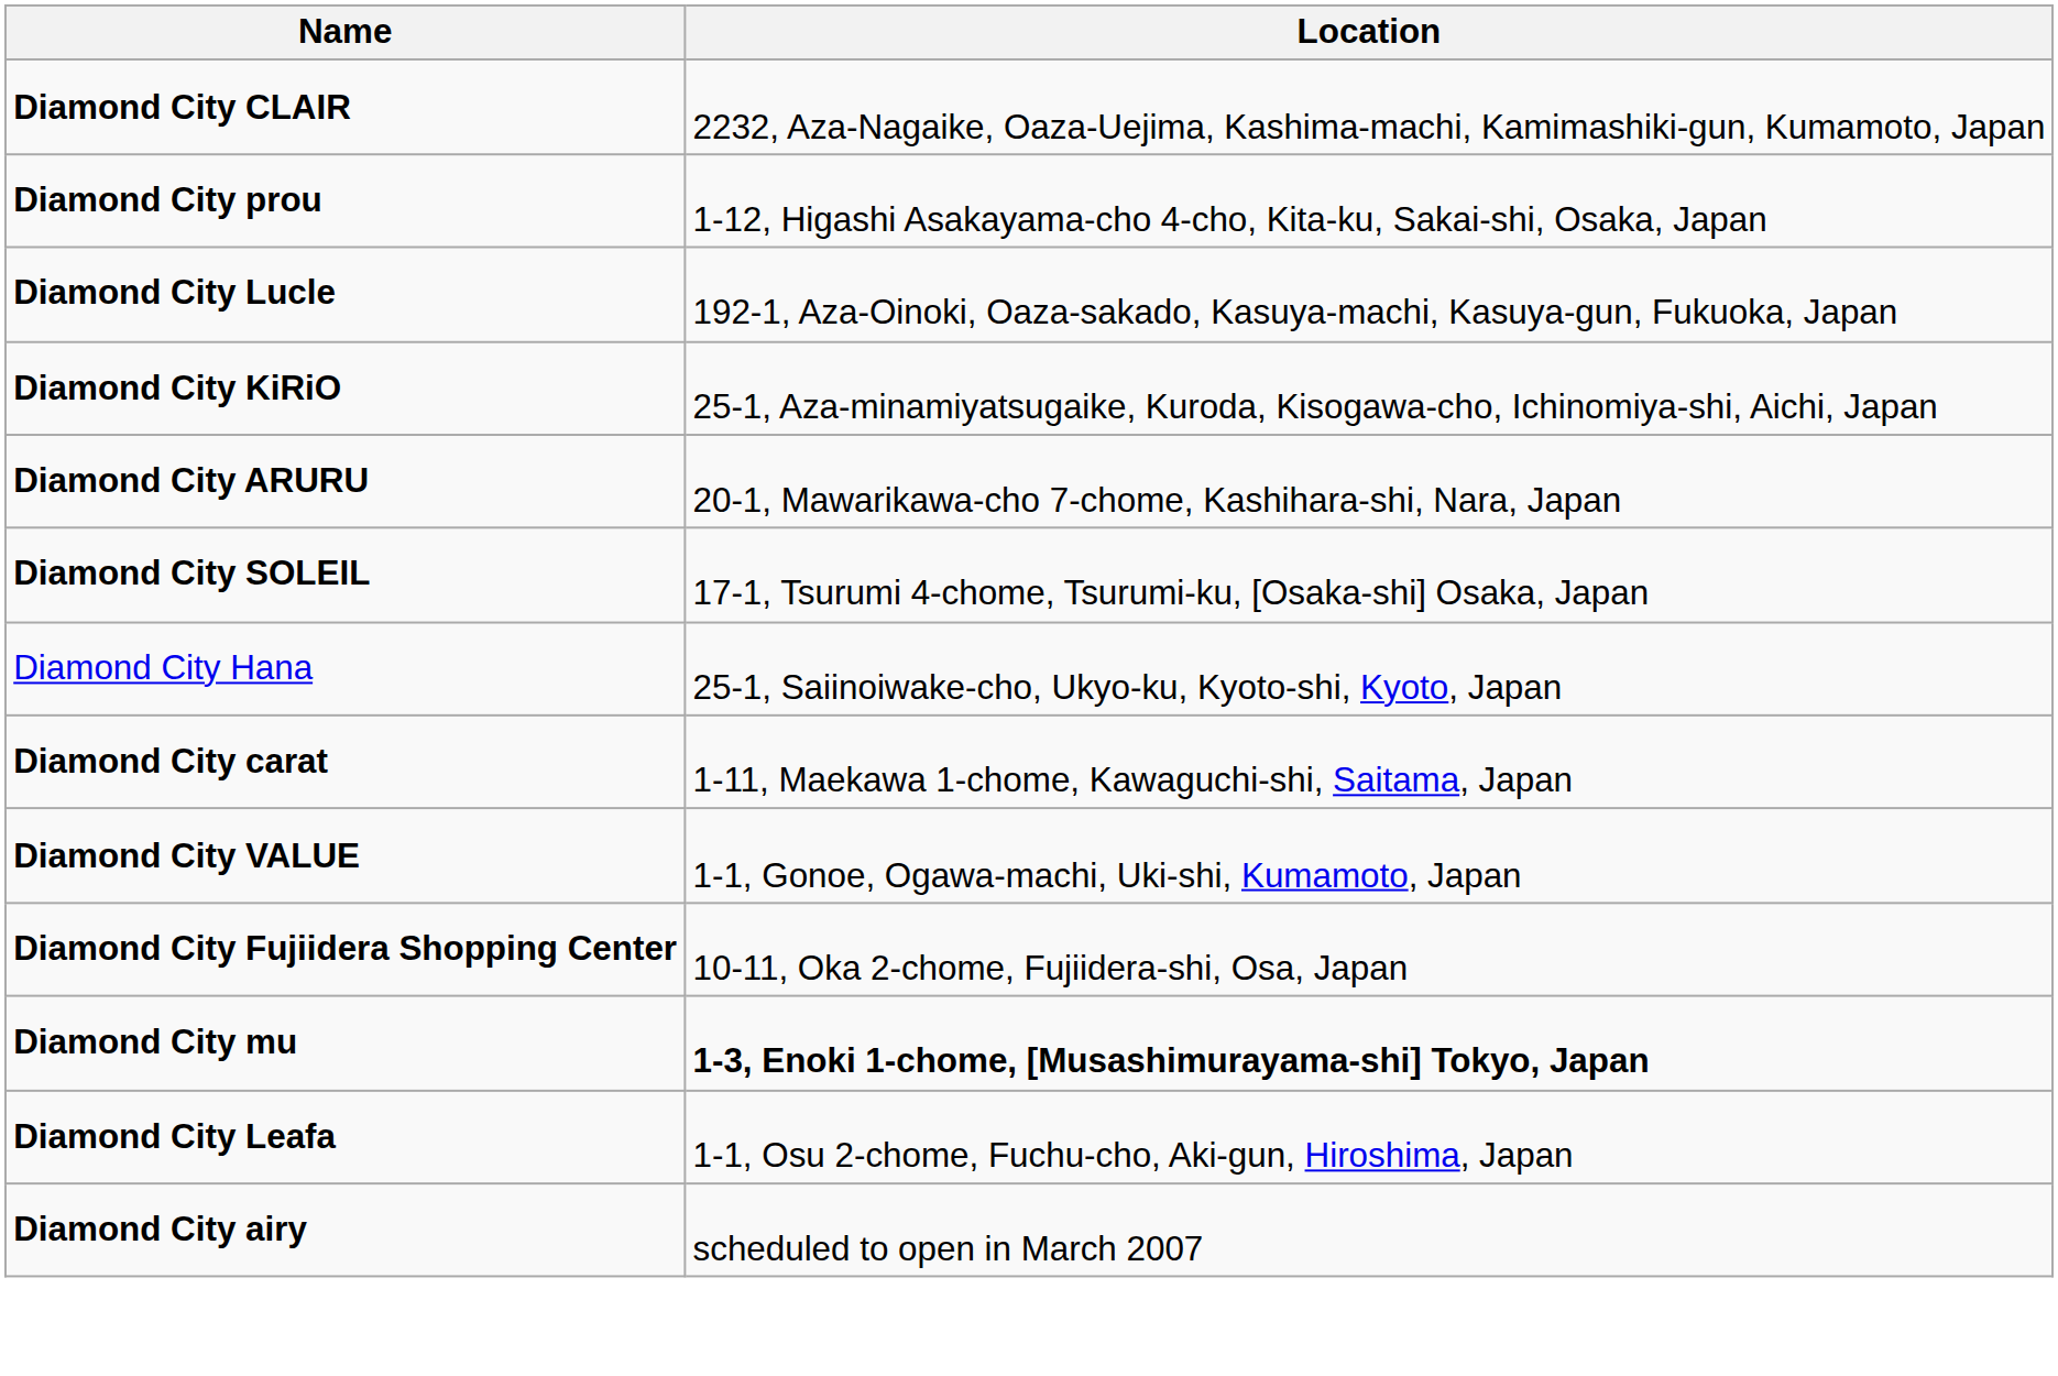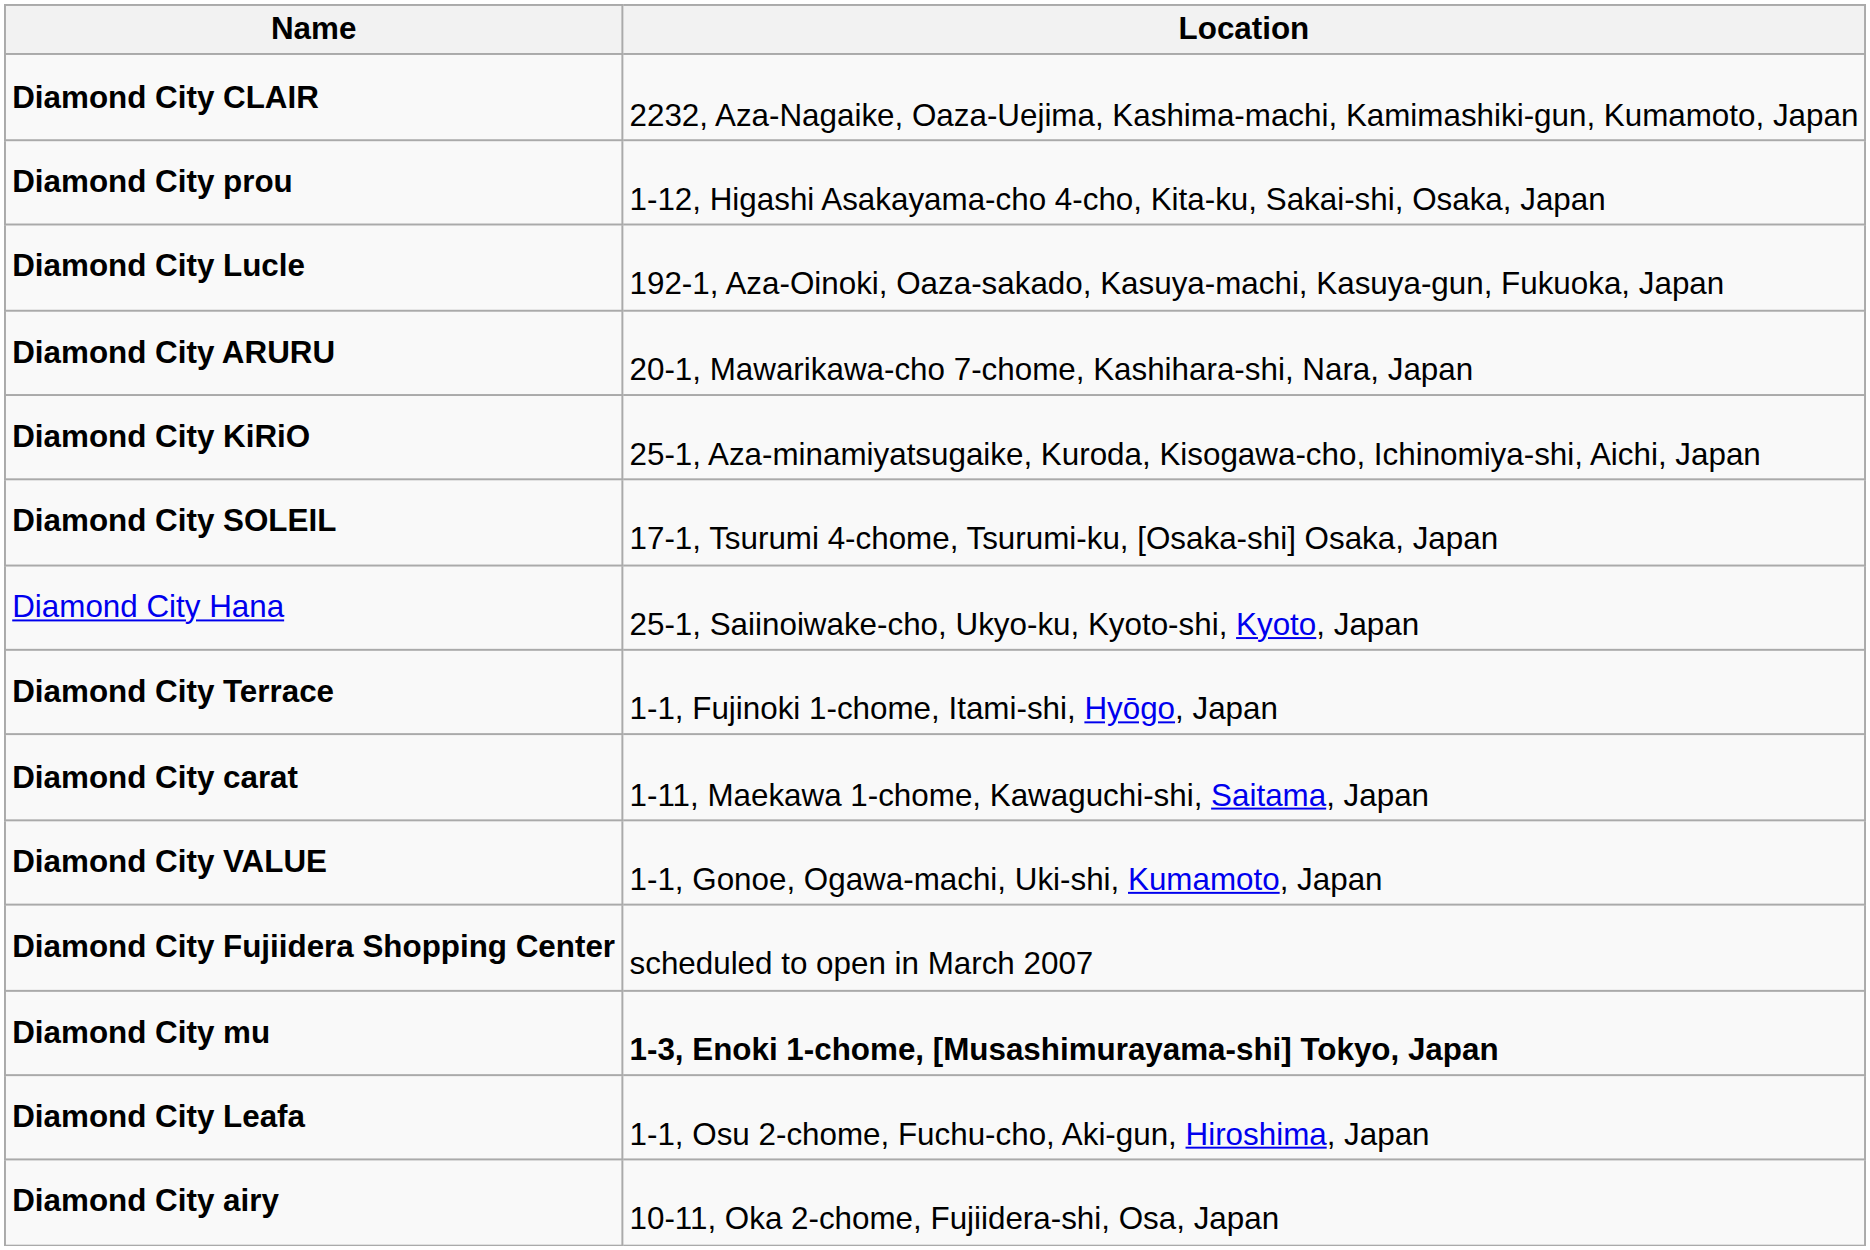 <table class="wikitable">
 <tr>
 <th>Name</th>
 <th>Location</th>
 </tr>
 <tr>
 <td><strong>Diamond City CLAIR</strong></td>
 <td><br>2232, Aza-Nagaike, Oaza-Uejima, Kashima-machi, Kamimashiki-gun, Kumamoto, Japan</td>
 </tr>
 <tr>
 <td><strong>Diamond City prou</strong></td>
 <td><br>1-12, Higashi Asakayama-cho 4-cho, Kita-ku, Sakai-shi, Osaka, Japan</td>
 </tr>
 <tr>
 <td><strong>Diamond City Lucle</strong></td>
 <td><br>192-1, Aza-Oinoki, Oaza-sakado, Kasuya-machi, Kasuya-gun, Fukuoka, Japan</td>
 </tr>
 <tr>
+<td><strong>Diamond City ARURU</strong></td>
+<td><br>20-1, Mawarikawa-cho 7-chome, Kashihara-shi, Nara, Japan</td>
+</tr>
+<tr>
 <td><strong>Diamond City KiRiO</strong></td>
 <td><br>25-1, Aza-minamiyatsugaike, Kuroda, Kisogawa-cho, Ichinomiya-shi, Aichi, Japan</td>
-</tr>
-<tr>
-<td><strong>Diamond City ARURU</strong></td>
-<td><br>20-1, Mawarikawa-cho 7-chome, Kashihara-shi, Nara, Japan</td>
 </tr>
 <tr>
 <td><strong>Diamond City SOLEIL</strong></td>
 <td><br>17-1, Tsurumi 4-chome, Tsurumi-ku, [Osaka-shi] Osaka, Japan</td>
 </tr>
 <tr>
 <td><a href='#'>Diamond City Hana</a></td>
 <td><br>25-1, Saiinoiwake-cho, Ukyo-ku, Kyoto-shi,  <a href='#'>Kyoto</a>, Japan</td>
+</tr>
+<tr>
+<td><strong>Diamond City Terrace</strong></td>
+<td><br>1-1, Fujinoki 1-chome, Itami-shi, <a href='#'>Hyōgo</a>, Japan</td>
 </tr>
 <tr>
 <td><strong>Diamond City carat</strong></td>
 <td><br>1-11, Maekawa 1-chome, Kawaguchi-shi, <a href='#'>Saitama</a>, Japan</td>
 </tr>
 <tr>
 <td><strong>Diamond City VALUE</strong></td>
 <td><br>1-1, Gonoe, Ogawa-machi, Uki-shi, <a href='#'>Kumamoto</a>, Japan</td>
 </tr>
 <tr>
 <td><strong>Diamond City Fujiidera Shopping Center</strong></td>
-<td><br>10-11, Oka 2-chome, Fujiidera-shi, Osa, Japan</td>
+<td><br>scheduled to open in March 2007</td>
 </tr>
 <tr>
 <td><strong>Diamond City mu</strong></td>
 <td><strong><br>1-3, Enoki 1-chome, [Musashimurayama-shi] Tokyo, Japan</strong></td>
 </tr>
 <tr>
 <td><strong>Diamond City Leafa</strong></td>
 <td><br>1-1, Osu 2-chome, Fuchu-cho, Aki-gun, <a href='#'>Hiroshima</a>, Japan</td>
 </tr>
 <tr>
 <td><strong>Diamond City airy</strong></td>
-<td><br>scheduled to open in March 2007</td>
+<td><br>10-11, Oka 2-chome, Fujiidera-shi, Osa, Japan</td>
 </tr>
 </table>
